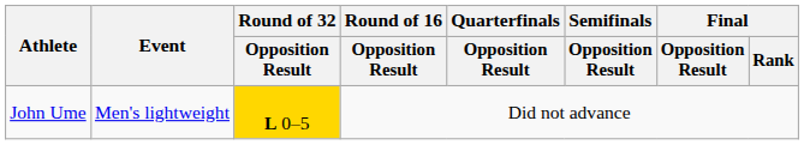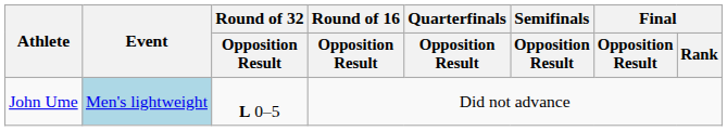 <table class="wikitable" style="font-size:90%">
 <tr>
 <th rowspan="2">Athlete</th>
 <th rowspan="2">Event</th>
 <th>Round of 32</th>
 <th>Round of 16</th>
 <th>Quarterfinals</th>
 <th>Semifinals</th>
 <th colspan=2>Final</th>
 </tr>
 <tr style="font-size:95%">
 <th>Opposition<br>Result</th>
 <th>Opposition<br>Result</th>
 <th>Opposition<br>Result</th>
 <th>Opposition<br>Result</th>
 <th>Opposition<br>Result</th>
 <th>Rank</th>
 </tr>
 <tr align=center>
 <td align=left><a href='#'>John Ume</a></td>
-<td align=left><a href='#'>Men's lightweight</a></td>
-<td style="background: gold;"><br><strong>L</strong> 0–5</td>
+<td align=left style="background: lightblue;"><a href='#'>Men's lightweight</a></td>
+<td><br><strong>L</strong> 0–5</td>
 <td colspan=5>Did not advance</td>
 </tr>
 </table>
